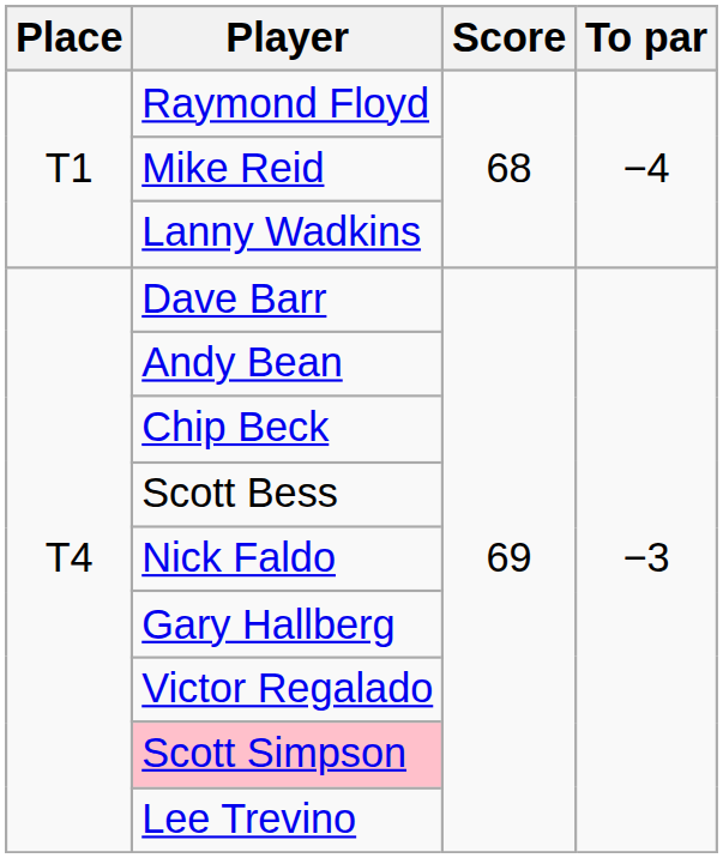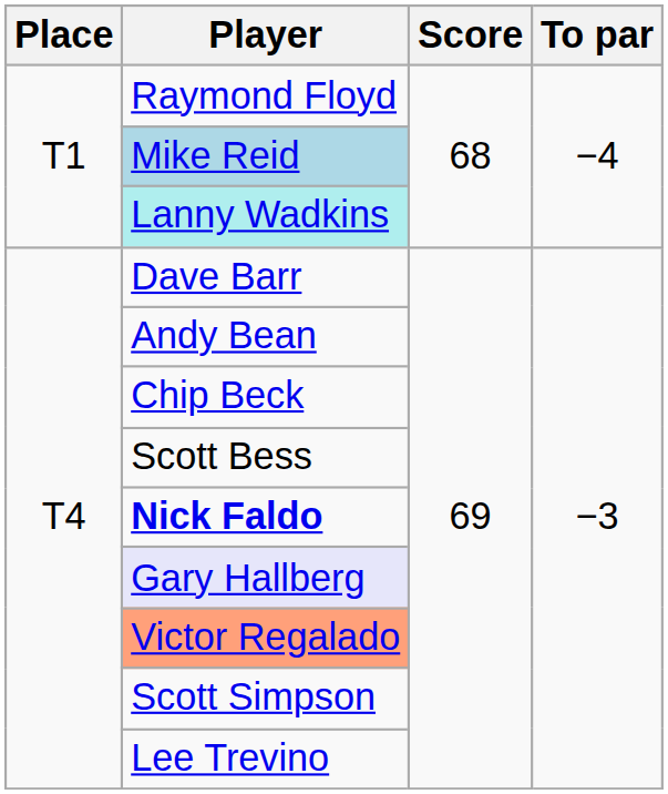 <table class="wikitable">
 <tr>
 <th>Place</th>
 <th>Player</th>
 <th>Score</th>
 <th>To par</th>
 </tr>
 <tr>
 <td rowspan=3 align="center">T1</td>
 <td> <a href='#'>Raymond Floyd</a></td>
 <td rowspan=3 align="center">68</td>
 <td rowspan=3 align="center">−4</td>
 </tr>
 <tr>
-<td> <a href='#'>Mike Reid</a></td>
+<td style="background: lightblue;"> <a href='#'>Mike Reid</a></td>
 </tr>
 <tr>
-<td> <a href='#'>Lanny Wadkins</a></td>
+<td style="background: paleturquoise;"> <a href='#'>Lanny Wadkins</a></td>
 </tr>
 <tr>
 <td rowspan=9 align="center">T4</td>
 <td> <a href='#'>Dave Barr</a></td>
 <td rowspan=9 align="center">69</td>
 <td rowspan=9 align="center">−3</td>
 </tr>
 <tr>
 <td> <a href='#'>Andy Bean</a></td>
 </tr>
 <tr>
 <td> <a href='#'>Chip Beck</a></td>
 </tr>
 <tr>
 <td> Scott Bess</td>
 </tr>
 <tr>
-<td> <a href='#'>Nick Faldo</a></td>
+<td><strong> <a href='#'>Nick Faldo</a></strong></td>
 </tr>
 <tr>
-<td> <a href='#'>Gary Hallberg</a></td>
+<td style="background: lavender;"> <a href='#'>Gary Hallberg</a></td>
 </tr>
 <tr>
-<td> <a href='#'>Victor Regalado</a></td>
+<td style="background: lightsalmon;"> <a href='#'>Victor Regalado</a></td>
 </tr>
 <tr>
-<td style="background: pink;"> <a href='#'>Scott Simpson</a></td>
+<td> <a href='#'>Scott Simpson</a></td>
 </tr>
 <tr>
 <td> <a href='#'>Lee Trevino</a></td>
 </tr>
 </table>
